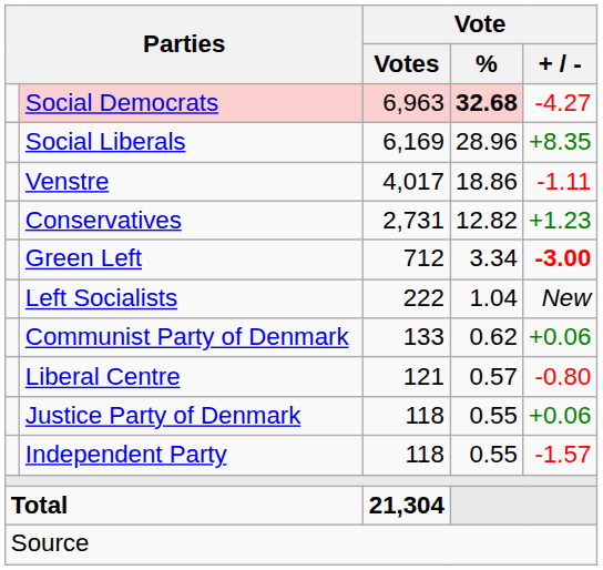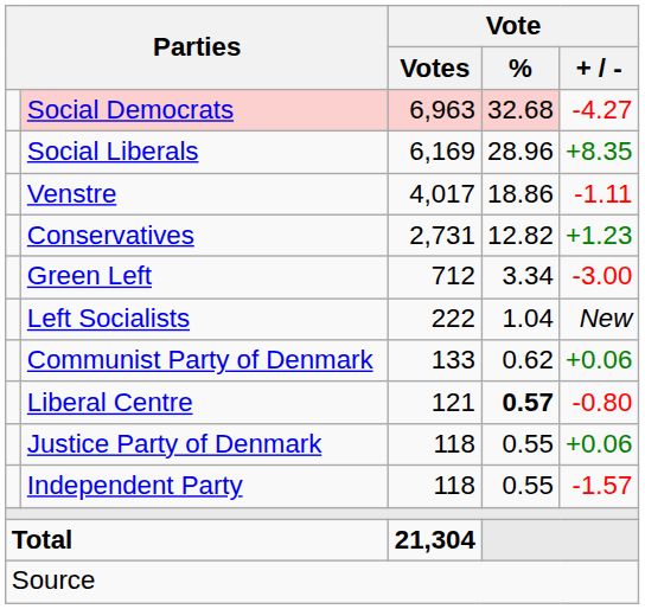 <table class="wikitable" style="text-align:right;">
 <tr>
 <th style="text-align:centre;" rowspan="2" colspan="2" width="225">Parties</th>
 <th colspan="3">Vote</th>
 </tr>
 <tr>
 <th width="15">Votes</th>
 <th width="15">%</th>
 <th width="15">+ / -</th>
 </tr>
 <tr>
 <td width="2" style="color:inherit;background:"></td>
 <td bgcolor=#fbd0ce  align="left"><a href='#'>Social Democrats</a></td>
 <td bgcolor=#fbd0ce>6,963</td>
-<td bgcolor=#fbd0ce><strong>32.68</strong></td>
+<td bgcolor=#fbd0ce>32.68</td>
 <td style=color:red;>-4.27</td>
 </tr>
 <tr>
 <td width="2" style="color:inherit;background:"></td>
 <td align="left"><a href='#'>Social Liberals</a></td>
 <td>6,169</td>
 <td>28.96</td>
 <td style=color:green;>+8.35</td>
 </tr>
 <tr>
 <td width="2" style="color:inherit;background:"></td>
 <td align="left"><a href='#'>Venstre</a></td>
 <td>4,017</td>
 <td>18.86</td>
 <td style=color:red;>-1.11</td>
 </tr>
 <tr>
 <td width="2" style="color:inherit;background:"></td>
 <td align="left"><a href='#'>Conservatives</a></td>
 <td>2,731</td>
 <td>12.82</td>
 <td style=color:green;>+1.23</td>
 </tr>
 <tr>
 <td width="2" style="color:inherit;background:"></td>
 <td align="left"><a href='#'>Green Left</a></td>
 <td>712</td>
 <td>3.34</td>
-<td style=color:red;><strong>-3.00</strong></td>
+<td style=color:red;>-3.00</td>
 </tr>
 <tr>
 <td width="2" style="color:inherit;background:"></td>
 <td align="left"><a href='#'>Left Socialists</a></td>
 <td>222</td>
 <td>1.04</td>
 <td><em>New</em></td>
 </tr>
 <tr>
 <td width="2" style="color:inherit;background:"></td>
 <td align="left"><a href='#'>Communist Party of Denmark</a></td>
 <td>133</td>
 <td>0.62</td>
 <td style=color:green;>+0.06</td>
 </tr>
 <tr>
 <td width="2" style="color:inherit;background:"></td>
 <td align="left"><a href='#'>Liberal Centre</a></td>
 <td>121</td>
-<td>0.57</td>
+<td><strong>0.57</strong></td>
 <td style=color:red;>-0.80</td>
 </tr>
 <tr>
 <td width="2" style="color:inherit;background:"></td>
 <td align="left"><a href='#'>Justice Party of Denmark</a></td>
 <td>118</td>
 <td>0.55</td>
 <td style=color:green;>+0.06</td>
 </tr>
 <tr>
 <td width="2" style="color:inherit;background:"></td>
 <td align="left"><a href='#'>Independent Party</a></td>
 <td>118</td>
 <td>0.55</td>
 <td style=color:red;>-1.57</td>
 </tr>
 <tr>
 <td colspan="7" bgcolor="#E9E9E9"></td>
 </tr>
 <tr>
 <td align="left" colspan="2"><strong>Total</strong></td>
 <td><strong>21,304</strong></td>
 <td bgcolor="#E9E9E9" colspan="2"></td>
 </tr>
 <tr>
 <td align="left" colspan="6">Source</td>
 </tr>
 </table>
